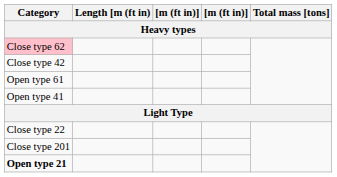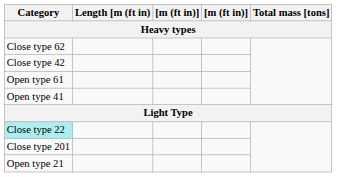 <table class="wikitable">
 <tr>
 <th>Category</th>
 <th>Length [m (ft in)</th>
 <th>[m (ft in)]</th>
 <th>[m (ft in)]</th>
 <th>Total mass [tons]</th>
 </tr>
 <tr>
 <th colspan="5" style="text-align: center;">Heavy types</th>
 </tr>
 <tr>
-<td style="background: pink;">Close type 62</td>
+<td>Close type 62</td>
 <td></td>
 <td></td>
 <td></td>
 <td rowspan="4" style="text-align: center;"></td>
 </tr>
 <tr>
 <td>Close type 42</td>
 <td></td>
 <td></td>
 <td></td>
 </tr>
 <tr>
 <td>Open type 61</td>
 <td></td>
 <td></td>
 <td></td>
 </tr>
 <tr>
 <td>Open type 41</td>
 <td></td>
 <td></td>
 <td></td>
 </tr>
 <tr>
 <th colspan="5" style="text-align: center;">Light Type</th>
 </tr>
 <tr>
-<td>Close type 22</td>
+<td style="background: paleturquoise;">Close type 22</td>
 <td></td>
 <td></td>
 <td></td>
 <td rowspan="3" style="text-align: center;"></td>
 </tr>
 <tr>
 <td>Close type 201</td>
 <td></td>
 <td></td>
 <td></td>
 </tr>
 <tr>
-<td><strong>Open type 21</strong></td>
+<td>Open type 21</td>
 <td></td>
 <td></td>
 <td></td>
 </tr>
 </table>
